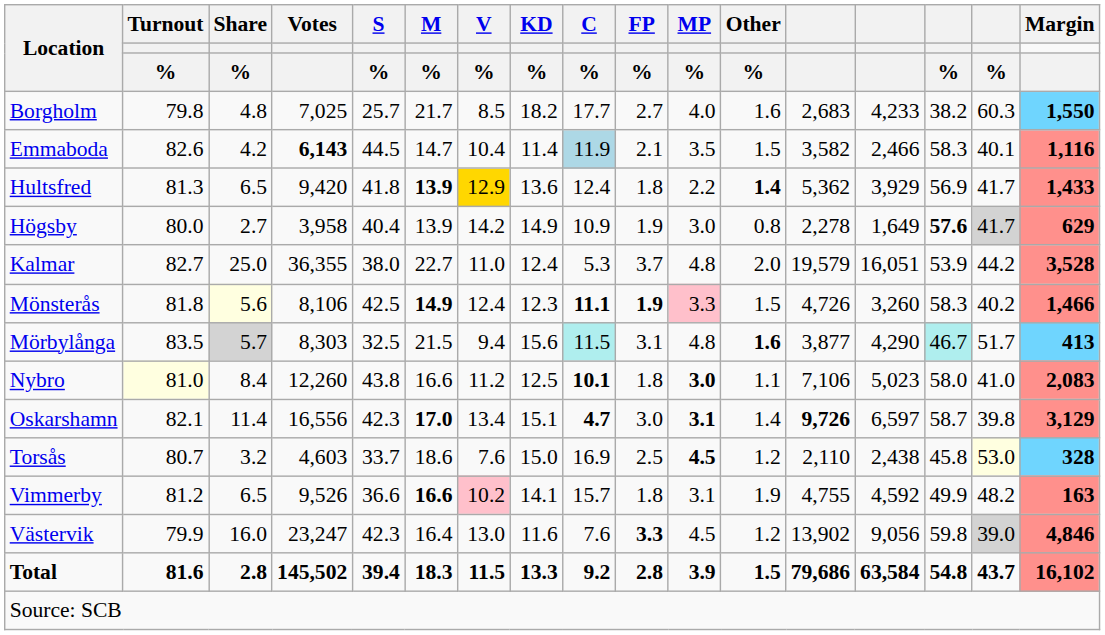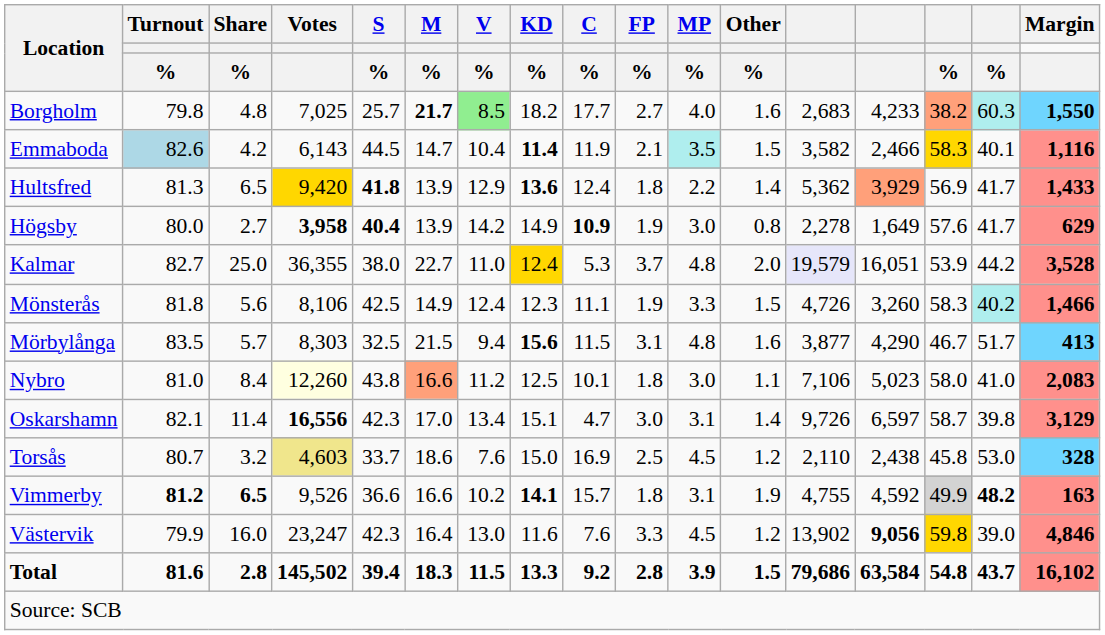 <table class="wikitable sortable" style="text-align:right; font-size:95%; line-height:20px;">
 <tr>
 <th rowspan="3">Location</th>
 <th>Turnout</th>
 <th>Share</th>
 <th>Votes</th>
 <th width="30px" class="unsortable"><a href='#'>S</a></th>
 <th width="30px" class="unsortable"><a href='#'>M</a></th>
 <th width="30px" class="unsortable"><a href='#'>V</a></th>
 <th width="30px" class="unsortable"><a href='#'>KD</a></th>
 <th width="30px" class="unsortable"><a href='#'>C</a></th>
 <th width="30px" class="unsortable"><a href='#'>FP</a></th>
 <th width="30px" class="unsortable"><a href='#'>MP</a></th>
 <th width="30px" class="unsortable">Other</th>
 <th></th>
 <th></th>
 <th></th>
 <th></th>
 <th>Margin</th>
 </tr>
 <tr>
 <th></th>
 <th></th>
 <th></th>
 <th style="background:"></th>
 <th style="background:"></th>
 <th style="background:"></th>
 <th style="background:"></th>
 <th style="background:"></th>
 <th style="background:"></th>
 <th style="background:"></th>
 <th style="background:"></th>
 <th style="background:"></th>
 <th style="background:"></th>
 <th style="background:"></th>
 <th style="background:"></th>
 </tr>
 <tr>
 <th data-sort-type="number">%</th>
 <th data-sort-type="number">%</th>
 <th></th>
 <th data-sort-type="number">%</th>
 <th data-sort-type="number">%</th>
 <th data-sort-type="number">%</th>
 <th data-sort-type="number">%</th>
 <th data-sort-type="number">%</th>
 <th data-sort-type="number">%</th>
 <th data-sort-type="number">%</th>
 <th data-sort-type="number">%</th>
 <th data-sort-type="number"></th>
 <th data-sort-type="number"></th>
 <th data-sort-type="number">%</th>
 <th data-sort-type="number">%</th>
 <th data-sort-type="number"></th>
 </tr>
 <tr>
 <td align=left><a href='#'>Borgholm</a></td>
 <td>79.8</td>
 <td>4.8</td>
 <td>7,025</td>
 <td>25.7</td>
-<td>21.7</td>
-<td>8.5</td>
+<td><strong>21.7</strong></td>
+<td style="background: lightgreen;">8.5</td>
 <td>18.2</td>
 <td>17.7</td>
 <td>2.7</td>
 <td>4.0</td>
 <td>1.6</td>
 <td>2,683</td>
 <td>4,233</td>
-<td>38.2</td>
-<td>60.3</td>
+<td style="background: lightsalmon;">38.2</td>
+<td style="background: paleturquoise;">60.3</td>
 <td bgcolor=#6fd5fe><strong>1,550</strong></td>
 </tr>
 <tr>
 <td align=left><a href='#'>Emmaboda</a></td>
-<td>82.6</td>
+<td style="background: lightblue;">82.6</td>
 <td>4.2</td>
-<td><strong>6,143</strong></td>
+<td>6,143</td>
 <td>44.5</td>
 <td>14.7</td>
 <td>10.4</td>
-<td>11.4</td>
-<td style="background: lightblue;">11.9</td>
+<td><strong>11.4</strong></td>
+<td>11.9</td>
 <td>2.1</td>
-<td>3.5</td>
+<td style="background: paleturquoise;">3.5</td>
 <td>1.5</td>
 <td>3,582</td>
 <td>2,466</td>
-<td>58.3</td>
+<td style="background: gold;">58.3</td>
 <td>40.1</td>
 <td bgcolor=#ff908c><strong>1,116</strong></td>
 </tr>
 <tr>
 <td align=left><a href='#'>Hultsfred</a></td>
 <td>81.3</td>
 <td>6.5</td>
-<td>9,420</td>
-<td>41.8</td>
-<td><strong>13.9</strong></td>
-<td style="background: gold;">12.9</td>
-<td>13.6</td>
+<td style="background: gold;">9,420</td>
+<td><strong>41.8</strong></td>
+<td>13.9</td>
+<td>12.9</td>
+<td><strong>13.6</strong></td>
 <td>12.4</td>
 <td>1.8</td>
 <td>2.2</td>
-<td><strong>1.4</strong></td>
+<td>1.4</td>
 <td>5,362</td>
-<td>3,929</td>
+<td style="background: lightsalmon;">3,929</td>
 <td>56.9</td>
 <td>41.7</td>
 <td bgcolor=#ff908c><strong>1,433</strong></td>
 </tr>
 <tr>
 <td align=left><a href='#'>Högsby</a></td>
 <td>80.0</td>
 <td>2.7</td>
-<td>3,958</td>
-<td>40.4</td>
+<td><strong>3,958</strong></td>
+<td><strong>40.4</strong></td>
 <td>13.9</td>
 <td>14.2</td>
 <td>14.9</td>
-<td>10.9</td>
+<td><strong>10.9</strong></td>
 <td>1.9</td>
 <td>3.0</td>
 <td>0.8</td>
 <td>2,278</td>
 <td>1,649</td>
-<td><strong>57.6</strong></td>
-<td style="background: lightgrey;">41.7</td>
+<td>57.6</td>
+<td>41.7</td>
 <td bgcolor=#ff908c><strong>629</strong></td>
 </tr>
 <tr>
 <td align=left><a href='#'>Kalmar</a></td>
 <td>82.7</td>
 <td>25.0</td>
 <td>36,355</td>
 <td>38.0</td>
 <td>22.7</td>
 <td>11.0</td>
-<td>12.4</td>
+<td style="background: gold;">12.4</td>
 <td>5.3</td>
 <td>3.7</td>
 <td>4.8</td>
 <td>2.0</td>
-<td>19,579</td>
+<td style="background: lavender;">19,579</td>
 <td>16,051</td>
 <td>53.9</td>
 <td>44.2</td>
 <td bgcolor=#ff908c><strong>3,528</strong></td>
 </tr>
 <tr>
 <td align=left><a href='#'>Mönsterås</a></td>
 <td>81.8</td>
-<td style="background: lightyellow;">5.6</td>
+<td>5.6</td>
 <td>8,106</td>
 <td>42.5</td>
-<td><strong>14.9</strong></td>
+<td>14.9</td>
 <td>12.4</td>
 <td>12.3</td>
-<td><strong>11.1</strong></td>
-<td><strong>1.9</strong></td>
-<td style="background: pink;">3.3</td>
+<td>11.1</td>
+<td>1.9</td>
+<td>3.3</td>
 <td>1.5</td>
 <td>4,726</td>
 <td>3,260</td>
 <td>58.3</td>
-<td>40.2</td>
+<td style="background: paleturquoise;">40.2</td>
 <td bgcolor=#ff908c><strong>1,466</strong></td>
 </tr>
 <tr>
 <td align=left><a href='#'>Mörbylånga</a></td>
 <td>83.5</td>
-<td style="background: lightgrey;">5.7</td>
+<td>5.7</td>
 <td>8,303</td>
 <td>32.5</td>
 <td>21.5</td>
 <td>9.4</td>
-<td>15.6</td>
-<td style="background: paleturquoise;">11.5</td>
+<td><strong>15.6</strong></td>
+<td>11.5</td>
 <td>3.1</td>
 <td>4.8</td>
-<td><strong>1.6</strong></td>
+<td>1.6</td>
 <td>3,877</td>
 <td>4,290</td>
-<td style="background: paleturquoise;">46.7</td>
+<td>46.7</td>
 <td>51.7</td>
 <td bgcolor=#6fd5fe><strong>413</strong></td>
 </tr>
 <tr>
 <td align=left><a href='#'>Nybro</a></td>
-<td style="background: lightyellow;">81.0</td>
+<td>81.0</td>
 <td>8.4</td>
-<td>12,260</td>
+<td style="background: lightyellow;">12,260</td>
 <td>43.8</td>
-<td>16.6</td>
+<td style="background: lightsalmon;">16.6</td>
 <td>11.2</td>
 <td>12.5</td>
-<td><strong>10.1</strong></td>
+<td>10.1</td>
 <td>1.8</td>
-<td><strong>3.0</strong></td>
+<td>3.0</td>
 <td>1.1</td>
 <td>7,106</td>
 <td>5,023</td>
 <td>58.0</td>
 <td>41.0</td>
 <td bgcolor=#ff908c><strong>2,083</strong></td>
 </tr>
 <tr>
 <td align=left><a href='#'>Oskarshamn</a></td>
 <td>82.1</td>
 <td>11.4</td>
-<td>16,556</td>
+<td><strong>16,556</strong></td>
 <td>42.3</td>
-<td><strong>17.0</strong></td>
+<td>17.0</td>
 <td>13.4</td>
 <td>15.1</td>
-<td><strong>4.7</strong></td>
+<td>4.7</td>
 <td>3.0</td>
-<td><strong>3.1</strong></td>
+<td>3.1</td>
 <td>1.4</td>
-<td><strong>9,726</strong></td>
+<td>9,726</td>
 <td>6,597</td>
 <td>58.7</td>
 <td>39.8</td>
 <td bgcolor=#ff908c><strong>3,129</strong></td>
 </tr>
 <tr>
 <td align=left><a href='#'>Torsås</a></td>
 <td>80.7</td>
 <td>3.2</td>
-<td>4,603</td>
+<td style="background: khaki;">4,603</td>
 <td>33.7</td>
 <td>18.6</td>
 <td>7.6</td>
 <td>15.0</td>
 <td>16.9</td>
 <td>2.5</td>
-<td><strong>4.5</strong></td>
+<td>4.5</td>
 <td>1.2</td>
 <td>2,110</td>
 <td>2,438</td>
 <td>45.8</td>
-<td style="background: lightyellow;">53.0</td>
+<td>53.0</td>
 <td bgcolor=#6fd5fe><strong>328</strong></td>
 </tr>
 <tr>
 <td align=left><a href='#'>Vimmerby</a></td>
-<td>81.2</td>
-<td>6.5</td>
+<td><strong>81.2</strong></td>
+<td><strong>6.5</strong></td>
 <td>9,526</td>
 <td>36.6</td>
-<td><strong>16.6</strong></td>
-<td style="background: pink;">10.2</td>
-<td>14.1</td>
+<td>16.6</td>
+<td>10.2</td>
+<td><strong>14.1</strong></td>
 <td>15.7</td>
 <td>1.8</td>
 <td>3.1</td>
 <td>1.9</td>
 <td>4,755</td>
 <td>4,592</td>
-<td>49.9</td>
-<td>48.2</td>
+<td style="background: lightgrey;">49.9</td>
+<td><strong>48.2</strong></td>
 <td bgcolor=#ff908c><strong>163</strong></td>
 </tr>
 <tr>
 <td align=left><a href='#'>Västervik</a></td>
 <td>79.9</td>
 <td>16.0</td>
 <td>23,247</td>
 <td>42.3</td>
 <td>16.4</td>
 <td>13.0</td>
 <td>11.6</td>
 <td>7.6</td>
-<td><strong>3.3</strong></td>
+<td>3.3</td>
 <td>4.5</td>
 <td>1.2</td>
 <td>13,902</td>
-<td>9,056</td>
-<td>59.8</td>
-<td style="background: lightgrey;">39.0</td>
+<td><strong>9,056</strong></td>
+<td style="background: gold;">59.8</td>
+<td>39.0</td>
 <td bgcolor=#ff908c><strong>4,846</strong></td>
 </tr>
 <tr>
 <td align=left><strong>Total</strong></td>
 <td><strong>81.6</strong></td>
 <td><strong>2.8</strong></td>
 <td><strong>145,502</strong></td>
 <td><strong>39.4</strong></td>
 <td><strong>18.3</strong></td>
 <td><strong>11.5</strong></td>
 <td><strong>13.3</strong></td>
 <td><strong>9.2</strong></td>
 <td><strong>2.8</strong></td>
 <td><strong>3.9</strong></td>
 <td><strong>1.5</strong></td>
 <td><strong>79,686</strong></td>
 <td><strong>63,584</strong></td>
 <td><strong>54.8</strong></td>
 <td><strong>43.7</strong></td>
 <td bgcolor=#ff908c><strong>16,102</strong></td>
 </tr>
 <tr>
 <td align=left colspan=17>Source: SCB </td>
 </tr>
 </table>
